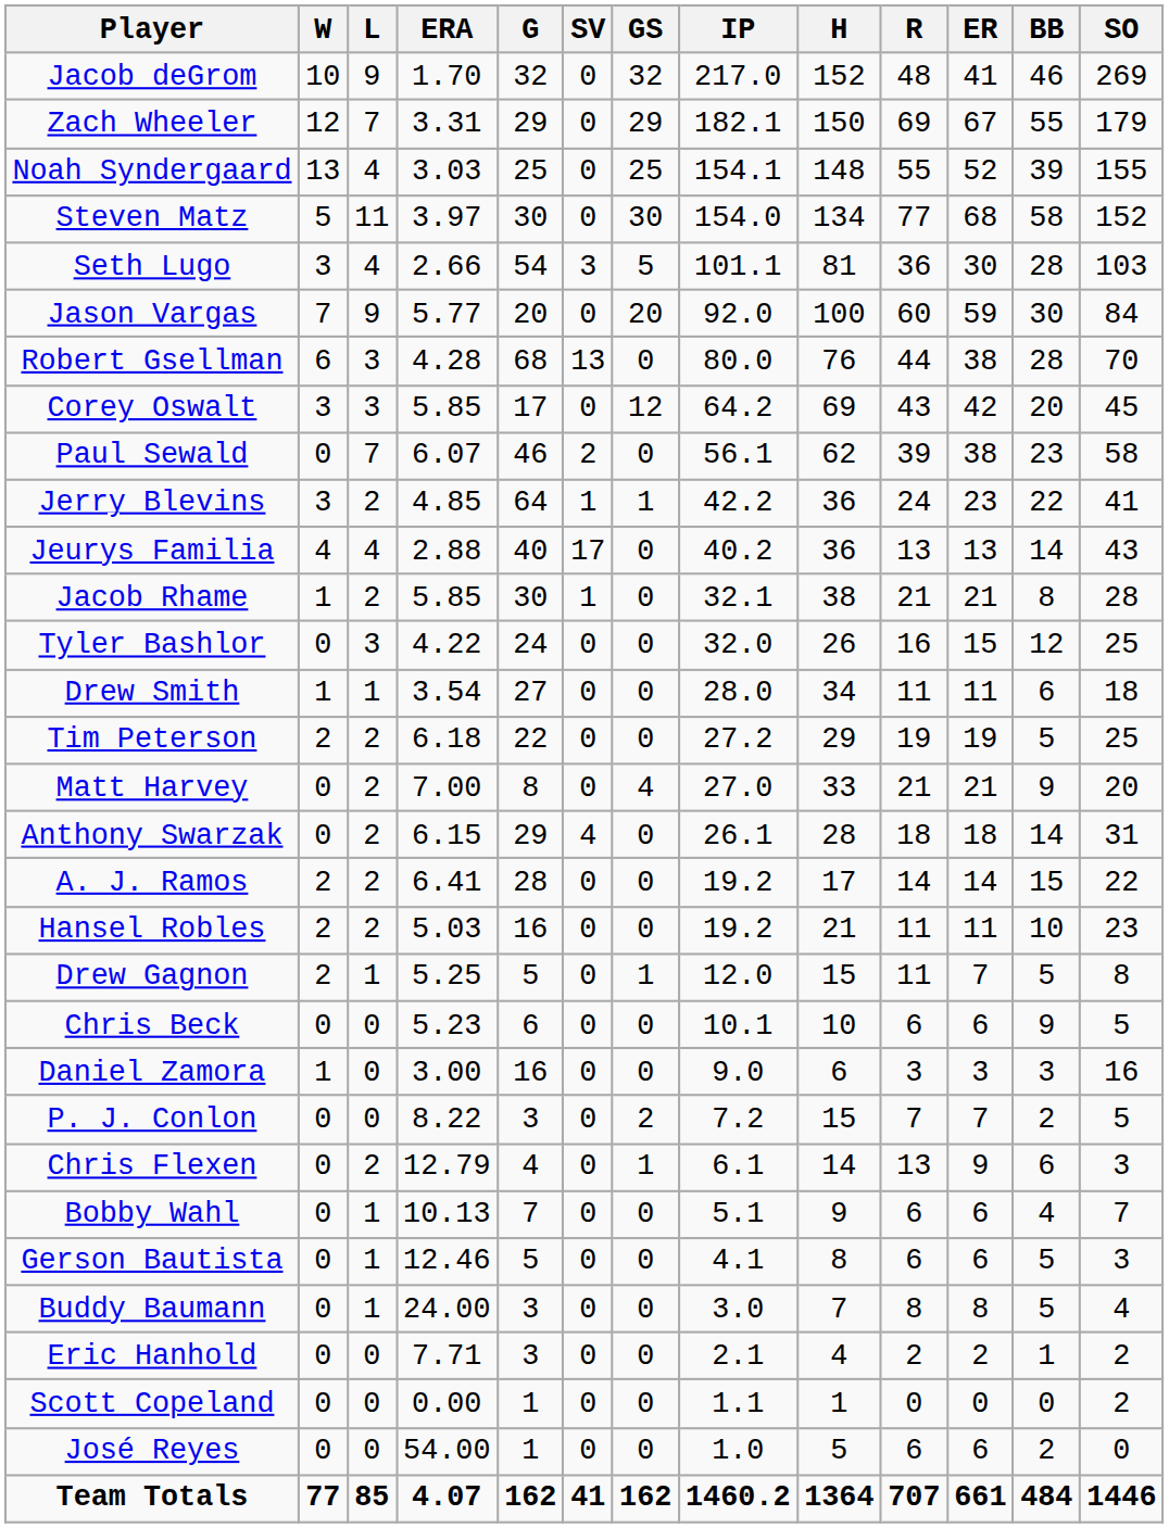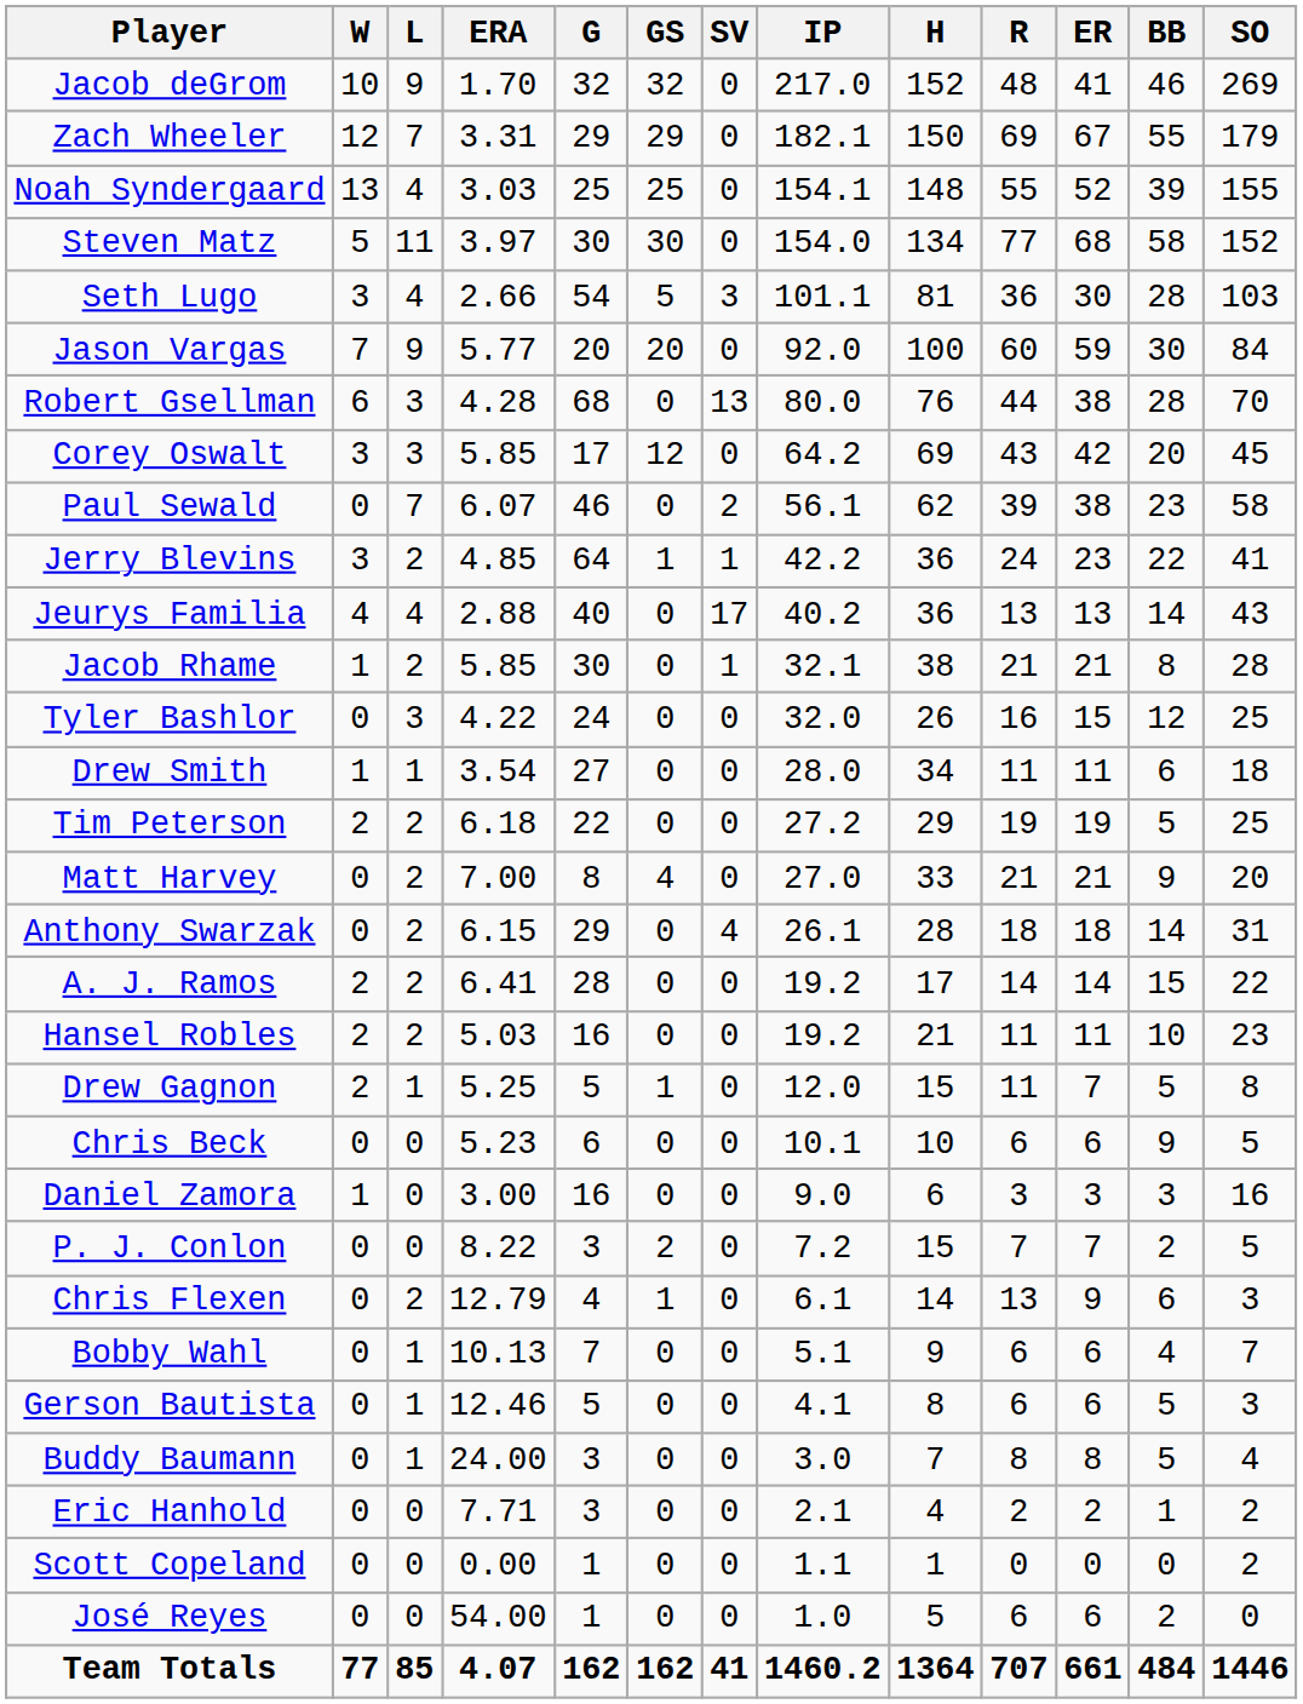 <table class=wikitable style="text-align:center">
 <tr>
 <th>Player</th>
 <th>W</th>
 <th>L</th>
 <th>ERA</th>
 <th>G</th>
+<th>GS</th>
 <th>SV</th>
-<th>GS</th>
 <th>IP</th>
 <th>H</th>
 <th>R</th>
 <th>ER</th>
 <th>BB</th>
 <th>SO</th>
 </tr>
 <tr>
 <td><a href='#'>Jacob deGrom</a></td>
 <td>10</td>
 <td>9</td>
 <td>1.70</td>
 <td>32</td>
+<td>32</td>
 <td>0</td>
-<td>32</td>
 <td>217.0</td>
 <td>152</td>
 <td>48</td>
 <td>41</td>
 <td>46</td>
 <td>269</td>
 </tr>
 <tr>
 <td><a href='#'>Zach Wheeler</a></td>
 <td>12</td>
 <td>7</td>
 <td>3.31</td>
 <td>29</td>
+<td>29</td>
 <td>0</td>
-<td>29</td>
 <td>182.1</td>
 <td>150</td>
 <td>69</td>
 <td>67</td>
 <td>55</td>
 <td>179</td>
 </tr>
 <tr>
 <td><a href='#'>Noah Syndergaard</a></td>
 <td>13</td>
 <td>4</td>
 <td>3.03</td>
 <td>25</td>
+<td>25</td>
 <td>0</td>
-<td>25</td>
 <td>154.1</td>
 <td>148</td>
 <td>55</td>
 <td>52</td>
 <td>39</td>
 <td>155</td>
 </tr>
 <tr>
 <td><a href='#'>Steven Matz</a></td>
 <td>5</td>
 <td>11</td>
 <td>3.97</td>
 <td>30</td>
+<td>30</td>
 <td>0</td>
-<td>30</td>
 <td>154.0</td>
 <td>134</td>
 <td>77</td>
 <td>68</td>
 <td>58</td>
 <td>152</td>
 </tr>
 <tr>
 <td><a href='#'>Seth Lugo</a></td>
 <td>3</td>
 <td>4</td>
 <td>2.66</td>
 <td>54</td>
+<td>5</td>
 <td>3</td>
-<td>5</td>
 <td>101.1</td>
 <td>81</td>
 <td>36</td>
 <td>30</td>
 <td>28</td>
 <td>103</td>
 </tr>
 <tr>
 <td><a href='#'>Jason Vargas</a></td>
 <td>7</td>
 <td>9</td>
 <td>5.77</td>
 <td>20</td>
+<td>20</td>
 <td>0</td>
-<td>20</td>
 <td>92.0</td>
 <td>100</td>
 <td>60</td>
 <td>59</td>
 <td>30</td>
 <td>84</td>
 </tr>
 <tr>
 <td><a href='#'>Robert Gsellman</a></td>
 <td>6</td>
 <td>3</td>
 <td>4.28</td>
 <td>68</td>
+<td>0</td>
 <td>13</td>
-<td>0</td>
 <td>80.0</td>
 <td>76</td>
 <td>44</td>
 <td>38</td>
 <td>28</td>
 <td>70</td>
 </tr>
 <tr>
 <td><a href='#'>Corey Oswalt</a></td>
 <td>3</td>
 <td>3</td>
 <td>5.85</td>
 <td>17</td>
+<td>12</td>
 <td>0</td>
-<td>12</td>
 <td>64.2</td>
 <td>69</td>
 <td>43</td>
 <td>42</td>
 <td>20</td>
 <td>45</td>
 </tr>
 <tr>
 <td><a href='#'>Paul Sewald</a></td>
 <td>0</td>
 <td>7</td>
 <td>6.07</td>
 <td>46</td>
+<td>0</td>
 <td>2</td>
-<td>0</td>
 <td>56.1</td>
 <td>62</td>
 <td>39</td>
 <td>38</td>
 <td>23</td>
 <td>58</td>
 </tr>
 <tr>
 <td><a href='#'>Jerry Blevins</a></td>
 <td>3</td>
 <td>2</td>
 <td>4.85</td>
 <td>64</td>
 <td>1</td>
 <td>1</td>
 <td>42.2</td>
 <td>36</td>
 <td>24</td>
 <td>23</td>
 <td>22</td>
 <td>41</td>
 </tr>
 <tr>
 <td><a href='#'>Jeurys Familia</a></td>
 <td>4</td>
 <td>4</td>
 <td>2.88</td>
 <td>40</td>
+<td>0</td>
 <td>17</td>
-<td>0</td>
 <td>40.2</td>
 <td>36</td>
 <td>13</td>
 <td>13</td>
 <td>14</td>
 <td>43</td>
 </tr>
 <tr>
 <td><a href='#'>Jacob Rhame</a></td>
 <td>1</td>
 <td>2</td>
 <td>5.85</td>
 <td>30</td>
+<td>0</td>
 <td>1</td>
-<td>0</td>
 <td>32.1</td>
 <td>38</td>
 <td>21</td>
 <td>21</td>
 <td>8</td>
 <td>28</td>
 </tr>
 <tr>
 <td><a href='#'>Tyler Bashlor</a></td>
 <td>0</td>
 <td>3</td>
 <td>4.22</td>
 <td>24</td>
 <td>0</td>
 <td>0</td>
 <td>32.0</td>
 <td>26</td>
 <td>16</td>
 <td>15</td>
 <td>12</td>
 <td>25</td>
 </tr>
 <tr>
 <td><a href='#'>Drew Smith</a></td>
 <td>1</td>
 <td>1</td>
 <td>3.54</td>
 <td>27</td>
 <td>0</td>
 <td>0</td>
 <td>28.0</td>
 <td>34</td>
 <td>11</td>
 <td>11</td>
 <td>6</td>
 <td>18</td>
 </tr>
 <tr>
 <td><a href='#'>Tim Peterson</a></td>
 <td>2</td>
 <td>2</td>
 <td>6.18</td>
 <td>22</td>
 <td>0</td>
 <td>0</td>
 <td>27.2</td>
 <td>29</td>
 <td>19</td>
 <td>19</td>
 <td>5</td>
 <td>25</td>
 </tr>
 <tr>
 <td><a href='#'>Matt Harvey</a></td>
 <td>0</td>
 <td>2</td>
 <td>7.00</td>
 <td>8</td>
+<td>4</td>
 <td>0</td>
-<td>4</td>
 <td>27.0</td>
 <td>33</td>
 <td>21</td>
 <td>21</td>
 <td>9</td>
 <td>20</td>
 </tr>
 <tr>
 <td><a href='#'>Anthony Swarzak</a></td>
 <td>0</td>
 <td>2</td>
 <td>6.15</td>
 <td>29</td>
+<td>0</td>
 <td>4</td>
-<td>0</td>
 <td>26.1</td>
 <td>28</td>
 <td>18</td>
 <td>18</td>
 <td>14</td>
 <td>31</td>
 </tr>
 <tr>
 <td><a href='#'>A. J. Ramos</a></td>
 <td>2</td>
 <td>2</td>
 <td>6.41</td>
 <td>28</td>
 <td>0</td>
 <td>0</td>
 <td>19.2</td>
 <td>17</td>
 <td>14</td>
 <td>14</td>
 <td>15</td>
 <td>22</td>
 </tr>
 <tr>
 <td><a href='#'>Hansel Robles</a></td>
 <td>2</td>
 <td>2</td>
 <td>5.03</td>
 <td>16</td>
 <td>0</td>
 <td>0</td>
 <td>19.2</td>
 <td>21</td>
 <td>11</td>
 <td>11</td>
 <td>10</td>
 <td>23</td>
 </tr>
 <tr>
 <td><a href='#'>Drew Gagnon</a></td>
 <td>2</td>
 <td>1</td>
 <td>5.25</td>
 <td>5</td>
+<td>1</td>
 <td>0</td>
-<td>1</td>
 <td>12.0</td>
 <td>15</td>
 <td>11</td>
 <td>7</td>
 <td>5</td>
 <td>8</td>
 </tr>
 <tr>
 <td><a href='#'>Chris Beck</a></td>
 <td>0</td>
 <td>0</td>
 <td>5.23</td>
 <td>6</td>
 <td>0</td>
 <td>0</td>
 <td>10.1</td>
 <td>10</td>
 <td>6</td>
 <td>6</td>
 <td>9</td>
 <td>5</td>
 </tr>
 <tr>
 <td><a href='#'>Daniel Zamora</a></td>
 <td>1</td>
 <td>0</td>
 <td>3.00</td>
 <td>16</td>
 <td>0</td>
 <td>0</td>
 <td>9.0</td>
 <td>6</td>
 <td>3</td>
 <td>3</td>
 <td>3</td>
 <td>16</td>
 </tr>
 <tr>
 <td><a href='#'>P. J. Conlon</a></td>
 <td>0</td>
 <td>0</td>
 <td>8.22</td>
 <td>3</td>
+<td>2</td>
 <td>0</td>
-<td>2</td>
 <td>7.2</td>
 <td>15</td>
 <td>7</td>
 <td>7</td>
 <td>2</td>
 <td>5</td>
 </tr>
 <tr>
 <td><a href='#'>Chris Flexen</a></td>
 <td>0</td>
 <td>2</td>
 <td>12.79</td>
 <td>4</td>
+<td>1</td>
 <td>0</td>
-<td>1</td>
 <td>6.1</td>
 <td>14</td>
 <td>13</td>
 <td>9</td>
 <td>6</td>
 <td>3</td>
 </tr>
 <tr>
 <td><a href='#'>Bobby Wahl</a></td>
 <td>0</td>
 <td>1</td>
 <td>10.13</td>
 <td>7</td>
 <td>0</td>
 <td>0</td>
 <td>5.1</td>
 <td>9</td>
 <td>6</td>
 <td>6</td>
 <td>4</td>
 <td>7</td>
 </tr>
 <tr>
 <td><a href='#'>Gerson Bautista</a></td>
 <td>0</td>
 <td>1</td>
 <td>12.46</td>
 <td>5</td>
 <td>0</td>
 <td>0</td>
 <td>4.1</td>
 <td>8</td>
 <td>6</td>
 <td>6</td>
 <td>5</td>
 <td>3</td>
 </tr>
 <tr>
 <td><a href='#'>Buddy Baumann</a></td>
 <td>0</td>
 <td>1</td>
 <td>24.00</td>
 <td>3</td>
 <td>0</td>
 <td>0</td>
 <td>3.0</td>
 <td>7</td>
 <td>8</td>
 <td>8</td>
 <td>5</td>
 <td>4</td>
 </tr>
 <tr>
 <td><a href='#'>Eric Hanhold</a></td>
 <td>0</td>
 <td>0</td>
 <td>7.71</td>
 <td>3</td>
 <td>0</td>
 <td>0</td>
 <td>2.1</td>
 <td>4</td>
 <td>2</td>
 <td>2</td>
 <td>1</td>
 <td>2</td>
 </tr>
 <tr>
 <td><a href='#'>Scott Copeland</a></td>
 <td>0</td>
 <td>0</td>
 <td>0.00</td>
 <td>1</td>
 <td>0</td>
 <td>0</td>
 <td>1.1</td>
 <td>1</td>
 <td>0</td>
 <td>0</td>
 <td>0</td>
 <td>2</td>
 </tr>
 <tr>
 <td><a href='#'>José Reyes</a></td>
 <td>0</td>
 <td>0</td>
 <td>54.00</td>
 <td>1</td>
 <td>0</td>
 <td>0</td>
 <td>1.0</td>
 <td>5</td>
 <td>6</td>
 <td>6</td>
 <td>2</td>
 <td>0</td>
 </tr>
 <tr>
 <td><strong>Team Totals</strong></td>
 <td><strong>77</strong></td>
 <td><strong>85</strong></td>
 <td><strong>4.07</strong></td>
 <td><strong>162</strong></td>
+<td><strong>162</strong></td>
 <td><strong>41</strong></td>
-<td><strong>162</strong></td>
 <td><strong>1460.2</strong></td>
 <td><strong>1364</strong></td>
 <td><strong>707</strong></td>
 <td><strong>661</strong></td>
 <td><strong>484</strong></td>
 <td><strong>1446</strong></td>
 </tr>
 </table>
